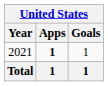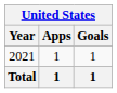 <table class="wikitable" style="text-align:center">
 <tr>
 <th colspan=3><a href='#'>United States</a></th>
 </tr>
 <tr>
 <th>Year</th>
 <th>Apps</th>
 <th>Goals</th>
 </tr>
 <tr>
 <td>2021</td>
-<td><strong>1</strong></td>
+<td>1</td>
 <td>1</td>
 </tr>
 <tr>
 <th>Total</th>
 <th>1</th>
 <th>1</th>
 </tr>
 </table>
